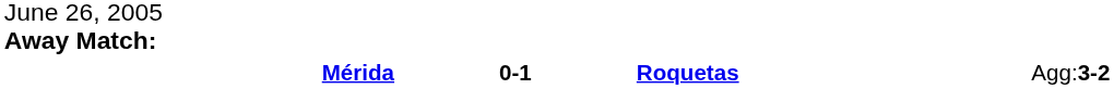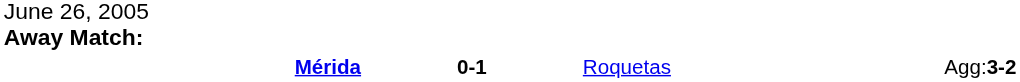 <table width=100% cellspacing=1>
 <tr>
 <th width=20%></th>
 <th width=12%></th>
 <th width=20%></th>
 <th></th>
 </tr>
 <tr>
 <td>June 26, 2005<br><strong>Away Match:</strong></td>
 </tr>
 <tr style=font-size:90%>
 <td align=right><strong><a href='#'>Mérida</a></strong></td>
 <td align=center><strong>0-1</strong></td>
-<td><strong><a href='#'>Roquetas</a></strong></td>
+<td><a href='#'>Roquetas</a></td>
 <td>Agg:<strong>3-2</strong></td>
 </tr>
 </table>
